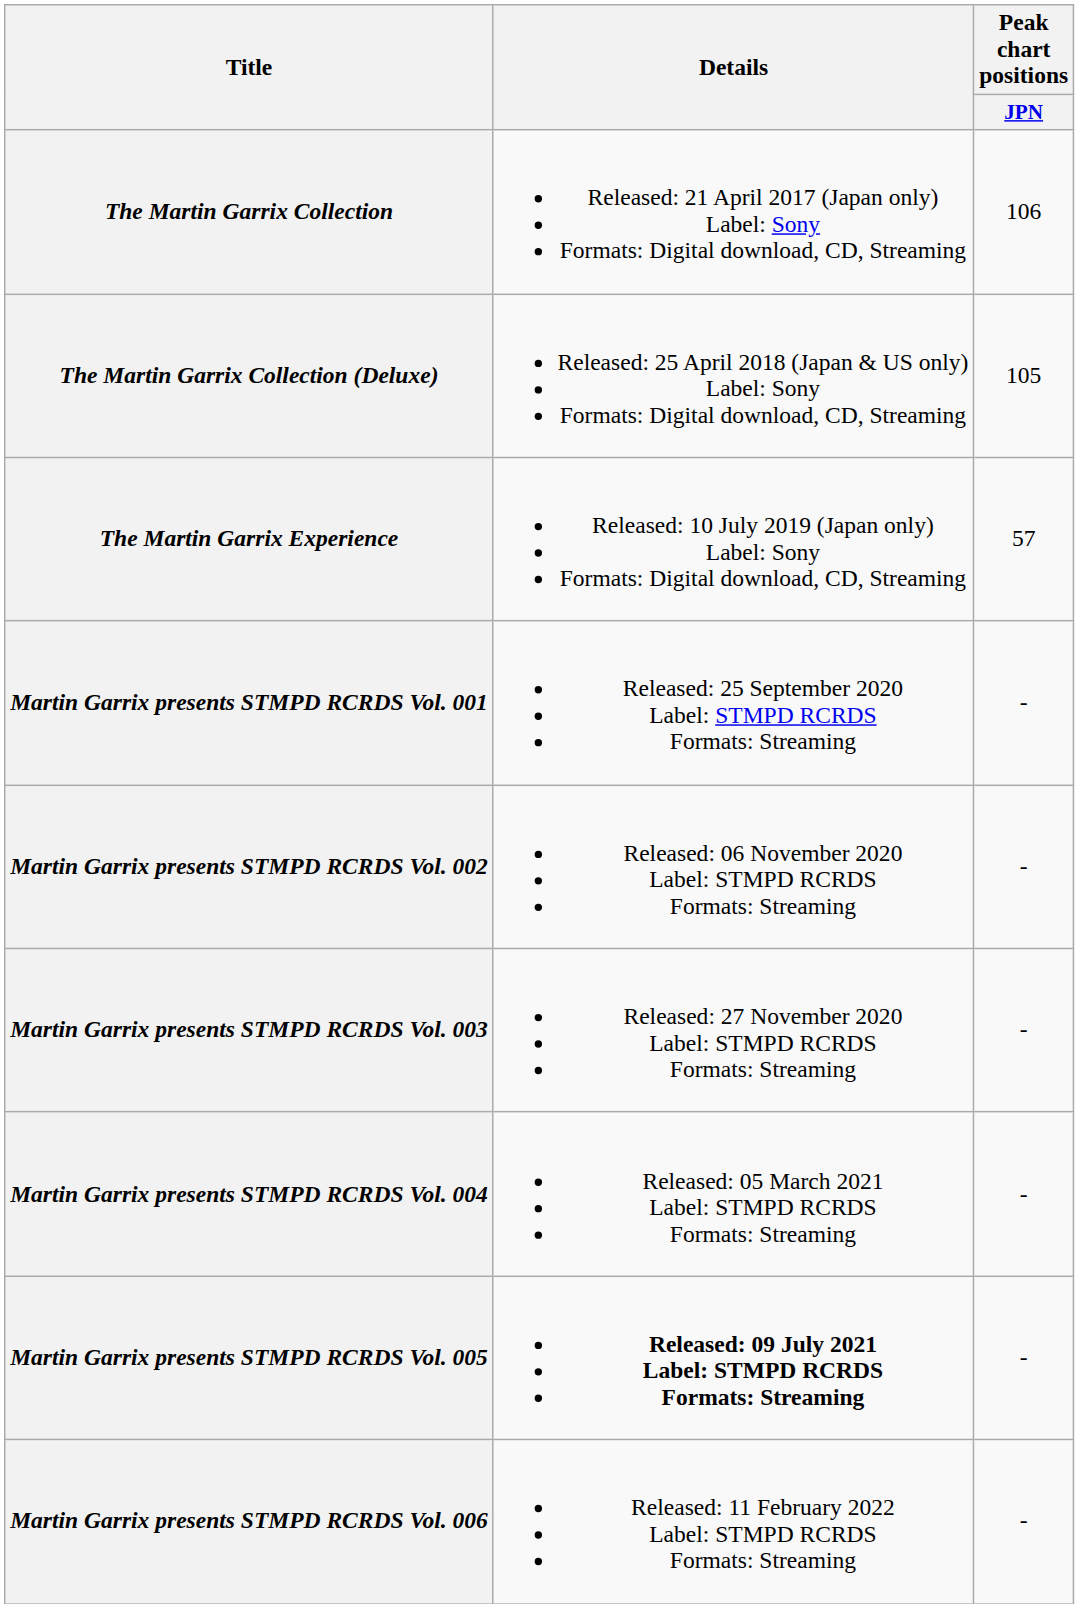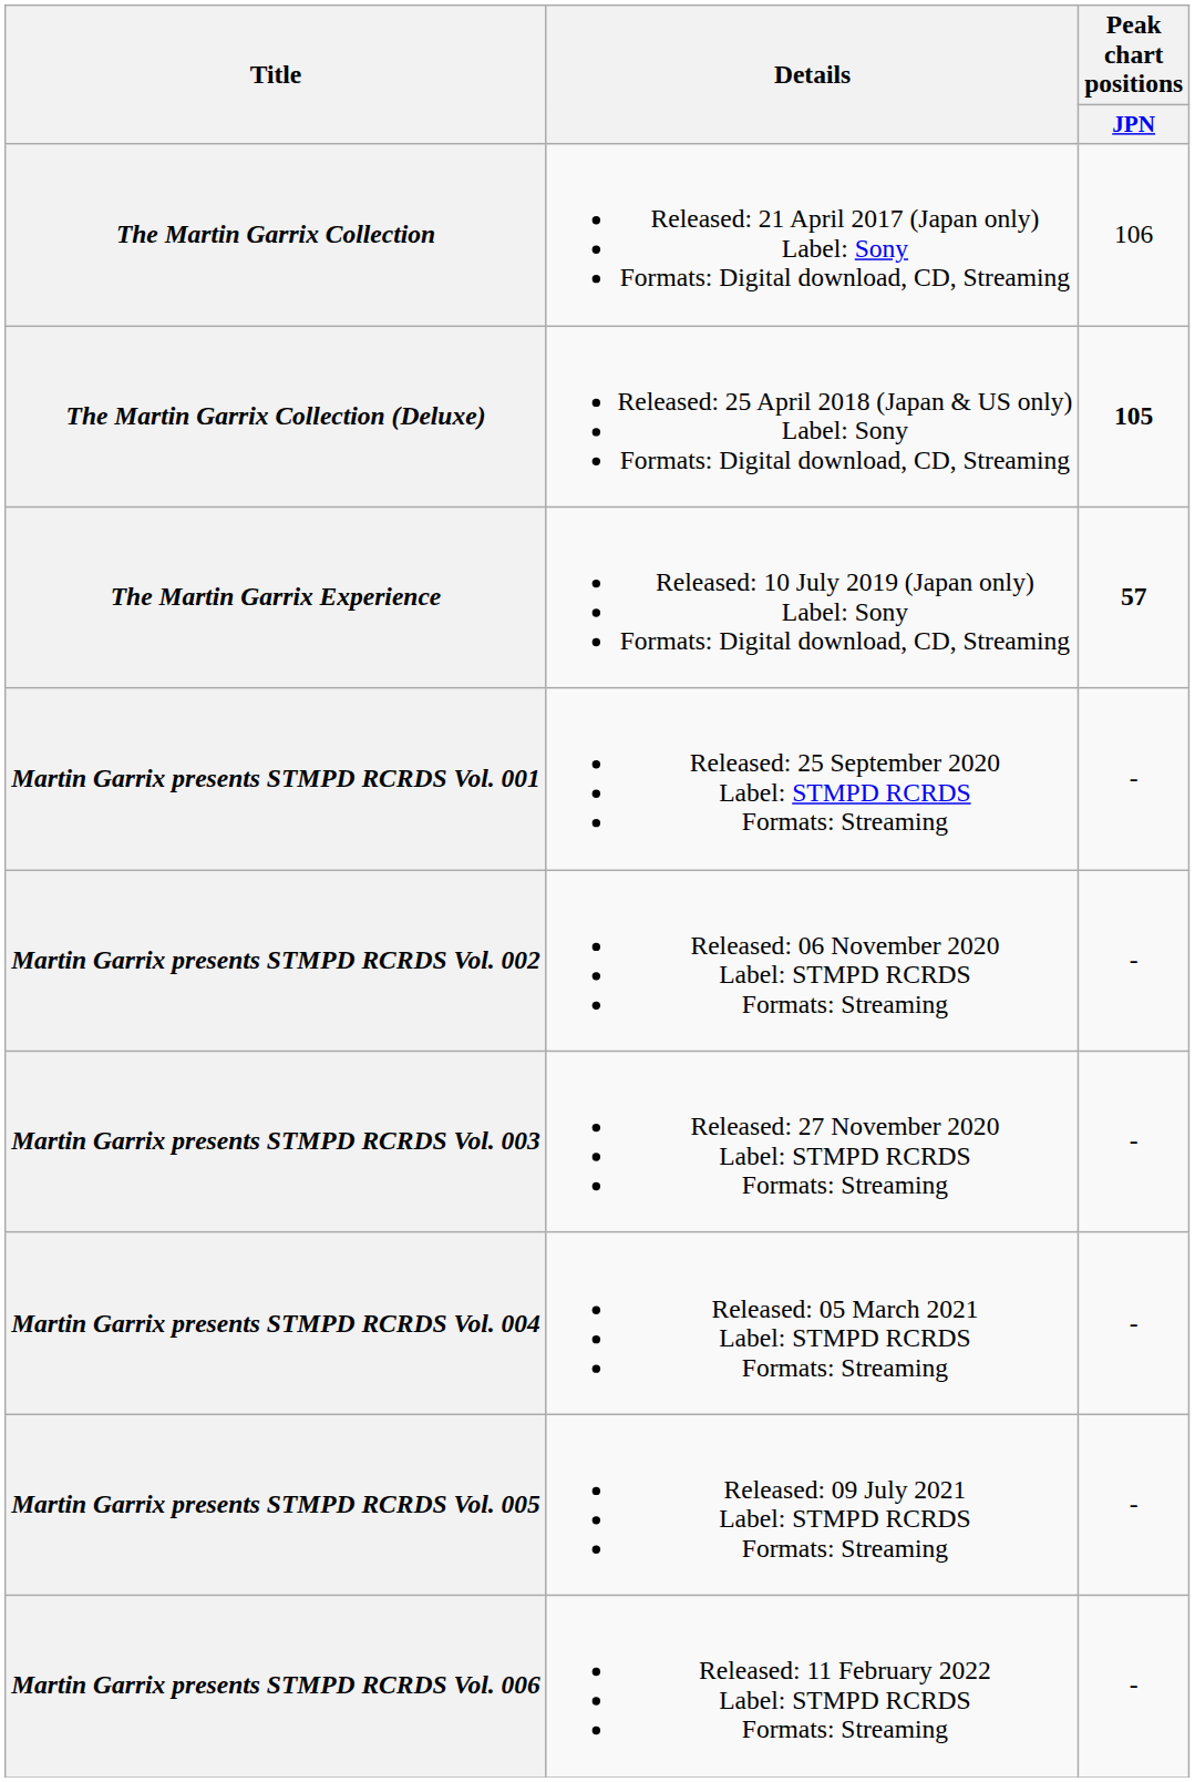 <table class="wikitable plainrowheaders" style="text-align:center;">
 <tr>
 <th scope="col" rowspan="2">Title</th>
 <th scope="col" rowspan="2">Details</th>
 <th scope="col" colspan="1">Peak chart positions</th>
 </tr>
 <tr>
 <th scope="col" style="width:2.5em;font-size:90%;"><a href='#'>JPN</a><br></th>
 </tr>
 <tr>
 <th scope="row"><em>The Martin Garrix Collection</em></th>
 <td><br><ul><li>Released: 21 April 2017 (Japan only)</li><li>Label: <a href='#'>Sony</a></li><li>Formats: Digital download, CD, Streaming</li></ul></td>
 <td>106</td>
 </tr>
 <tr>
 <th scope="row"><em>The Martin Garrix Collection (Deluxe)</em></th>
 <td><br><ul><li>Released: 25 April 2018 (Japan & US only)</li><li>Label: Sony</li><li>Formats: Digital download, CD, Streaming</li></ul></td>
-<td>105</td>
+<td><strong>105</strong></td>
 </tr>
 <tr>
 <th scope="row"><em>The Martin Garrix Experience</em></th>
 <td><br><ul><li>Released: 10 July 2019 (Japan only)</li><li>Label: Sony</li><li>Formats: Digital download, CD, Streaming</li></ul></td>
-<td>57</td>
+<td><strong>57</strong></td>
 </tr>
 <tr>
 <th scope="row"><em>Martin Garrix presents STMPD RCRDS Vol. 001</em></th>
 <td><br><ul><li>Released: 25 September 2020</li><li>Label: <a href='#'>STMPD RCRDS</a></li><li>Formats: Streaming</li></ul></td>
 <td>-</td>
 </tr>
 <tr>
 <th scope="row"><em>Martin Garrix presents STMPD RCRDS Vol. 002</em></th>
 <td><br><ul><li>Released: 06 November 2020</li><li>Label: STMPD RCRDS</li><li>Formats: Streaming</li></ul></td>
 <td>-</td>
 </tr>
 <tr>
 <th scope="row"><em>Martin Garrix presents STMPD RCRDS Vol. 003</em></th>
 <td><br><ul><li>Released: 27 November 2020</li><li>Label: STMPD RCRDS</li><li>Formats: Streaming</li></ul></td>
 <td>-</td>
 </tr>
 <tr>
 <th scope="row"><em>Martin Garrix presents STMPD RCRDS Vol. 004</em></th>
 <td><br><ul><li>Released: 05 March 2021</li><li>Label: STMPD RCRDS</li><li>Formats: Streaming</li></ul></td>
 <td>-</td>
 </tr>
 <tr>
 <th scope="row"><em>Martin Garrix presents STMPD RCRDS Vol. 005</em></th>
-<td><strong><br><ul><li>Released: 09 July 2021</li><li>Label: STMPD RCRDS</li><li>Formats: Streaming</li></ul></strong></td>
+<td><br><ul><li>Released: 09 July 2021</li><li>Label: STMPD RCRDS</li><li>Formats: Streaming</li></ul></td>
 <td>-</td>
 </tr>
 <tr>
 <th scope="row"><em>Martin Garrix presents STMPD RCRDS Vol. 006</em></th>
 <td><br><ul><li>Released: 11 February 2022</li><li>Label: STMPD RCRDS</li><li>Formats: Streaming</li></ul></td>
 <td>-</td>
 </tr>
 </table>
